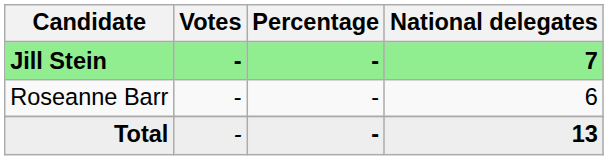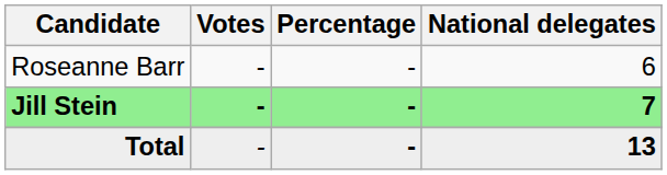 <table class="wikitable" style="text-align:right;">
 <tr>
 <th>Candidate</th>
 <th>Votes</th>
 <th>Percentage</th>
 <th>National delegates</th>
 </tr>
+<tr>
+<td style="text-align:left;">Roseanne Barr</td>
+<td>-</td>
+<td>-</td>
+<td>6</td>
+</tr>
 <tr style="background:lightgreen;">
 <td style="text-align:left;"><strong>Jill Stein</strong></td>
 <td><strong>-</strong></td>
 <td><strong>-</strong></td>
 <td><strong>7</strong></td>
-</tr>
-<tr>
-<td style="text-align:left;">Roseanne Barr</td>
-<td>-</td>
-<td>-</td>
-<td>6</td>
 </tr>
 <tr>
 </tr>
 <tr style="background:#eee;">
 <td style="margin-right:0.50px"><strong>Total</strong></td>
 <td style="margin-right:0.50px"><em>-</em></td>
 <td style="margin-right:0.50px"><strong>-</strong></td>
 <td style="margin-right:0.50px"><strong>13</strong></td>
 </tr>
 </table>
